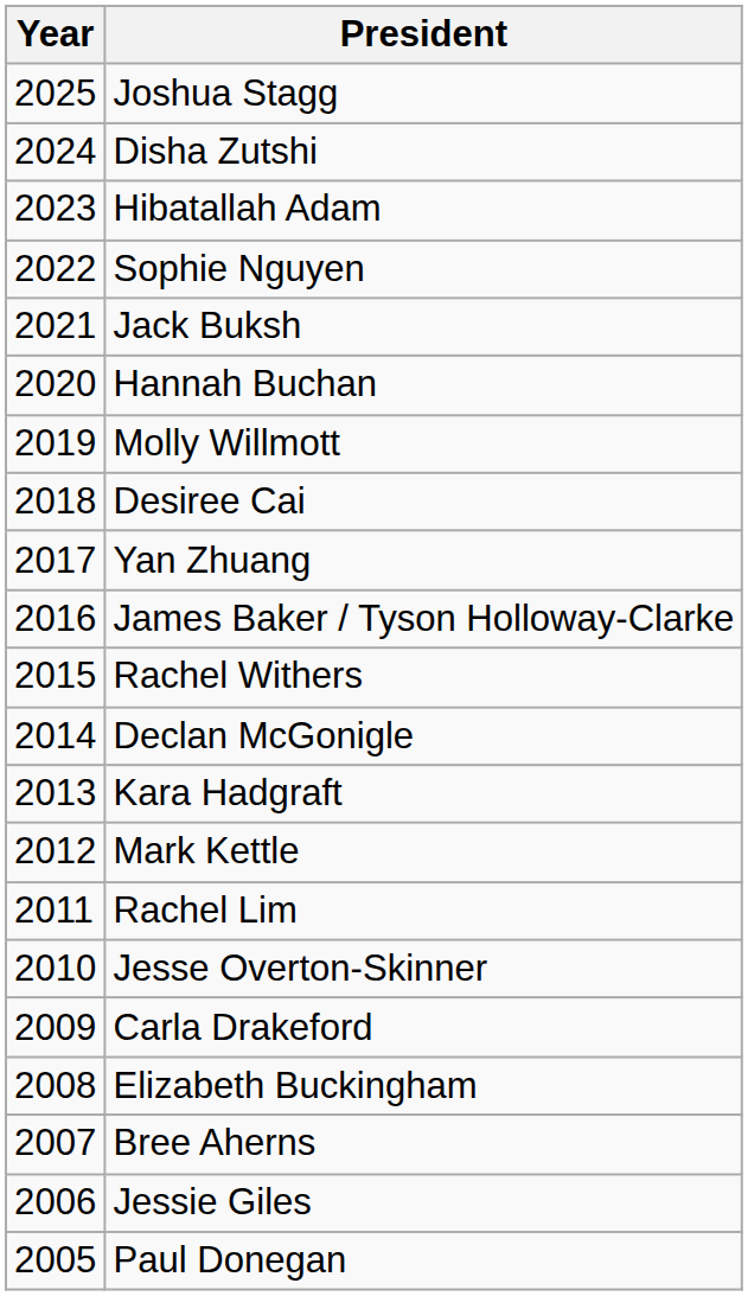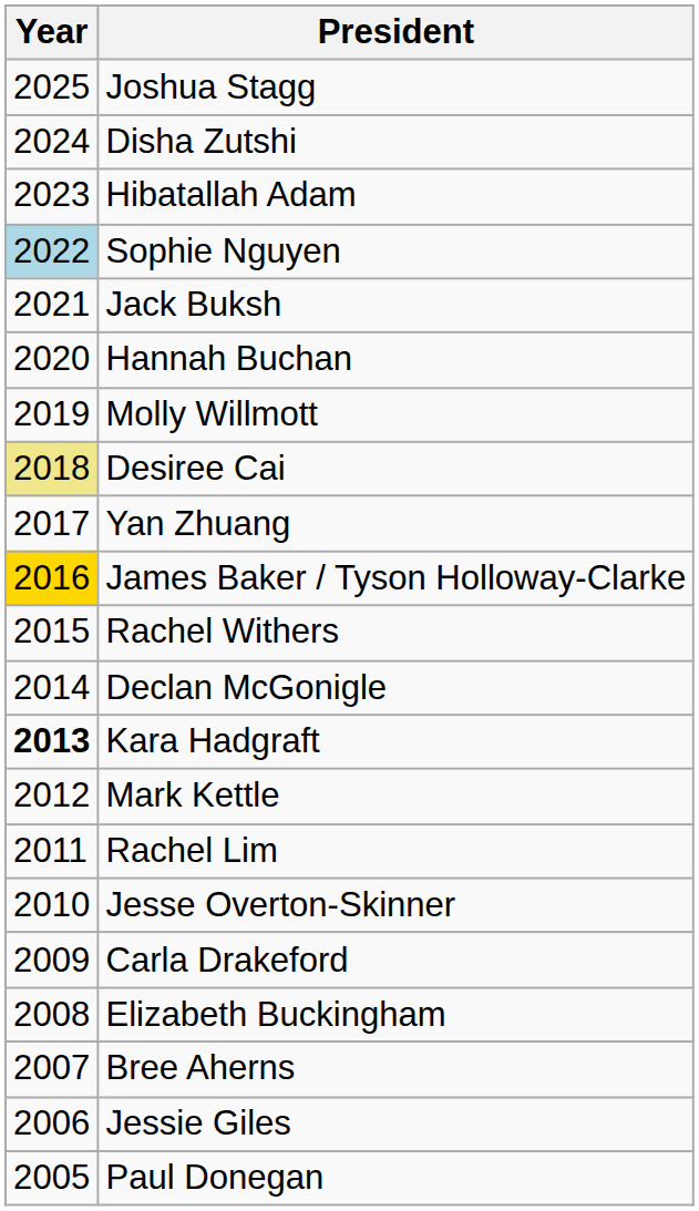 <table class="wikitable">
 <tr>
 <th>Year</th>
 <th>President</th>
 </tr>
 <tr>
 <td>2025</td>
 <td>Joshua Stagg</td>
 </tr>
 <tr>
 <td>2024</td>
 <td>Disha Zutshi </td>
 </tr>
 <tr>
 <td>2023</td>
 <td>Hibatallah Adam </td>
 </tr>
 <tr>
-<td>2022</td>
+<td style="background: lightblue;">2022</td>
 <td>Sophie Nguyen</td>
 </tr>
 <tr>
 <td>2021</td>
 <td>Jack Buksh</td>
 </tr>
 <tr>
 <td>2020</td>
 <td>Hannah Buchan</td>
 </tr>
 <tr>
 <td>2019</td>
 <td>Molly Willmott</td>
 </tr>
 <tr>
-<td>2018</td>
+<td style="background: khaki;">2018</td>
 <td>Desiree Cai</td>
 </tr>
 <tr>
 <td>2017</td>
 <td>Yan Zhuang</td>
 </tr>
 <tr>
-<td>2016</td>
+<td style="background: gold;">2016</td>
 <td>James Baker / Tyson Holloway-Clarke</td>
 </tr>
 <tr>
 <td>2015</td>
 <td>Rachel Withers</td>
 </tr>
 <tr>
 <td>2014</td>
 <td>Declan McGonigle</td>
 </tr>
 <tr>
-<td>2013</td>
+<td><strong>2013</strong></td>
 <td>Kara Hadgraft</td>
 </tr>
 <tr>
 <td>2012</td>
 <td>Mark Kettle</td>
 </tr>
 <tr>
 <td>2011</td>
 <td>Rachel Lim</td>
 </tr>
 <tr>
 <td>2010</td>
 <td>Jesse Overton-Skinner</td>
 </tr>
 <tr>
 <td>2009</td>
 <td>Carla Drakeford</td>
 </tr>
 <tr>
 <td>2008</td>
 <td>Elizabeth Buckingham</td>
 </tr>
 <tr>
 <td>2007</td>
 <td>Bree Aherns</td>
 </tr>
 <tr>
 <td>2006</td>
 <td>Jessie Giles</td>
 </tr>
 <tr>
 <td>2005</td>
 <td>Paul Donegan</td>
 </tr>
 </table>
